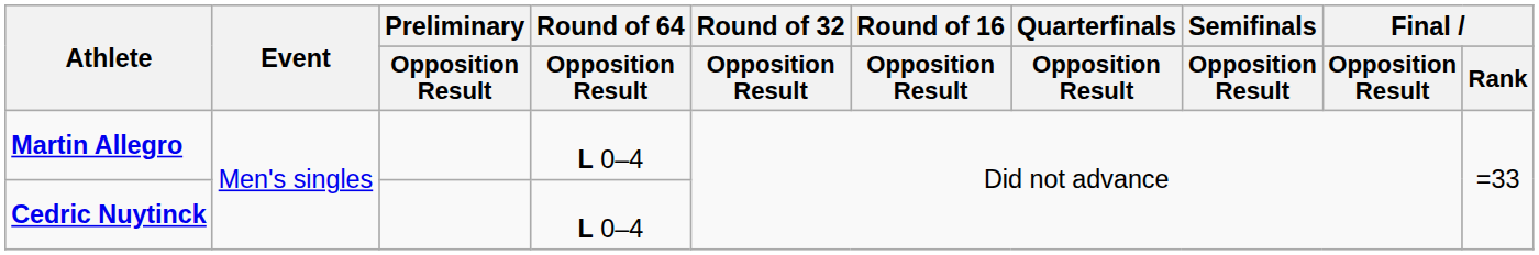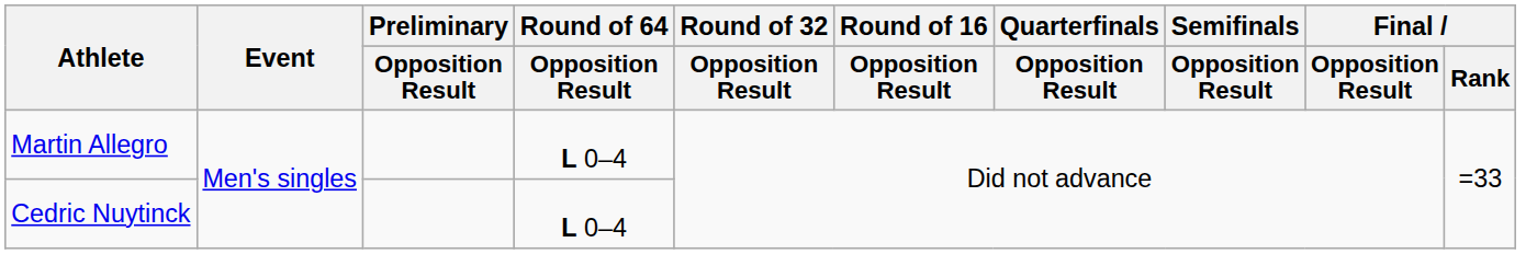 <table class=wikitable style=font-size:90%;text-align:center>
 <tr>
 <th rowspan=2>Athlete</th>
 <th rowspan=2>Event</th>
 <th>Preliminary</th>
 <th>Round of 64</th>
 <th>Round of 32</th>
 <th>Round of 16</th>
 <th>Quarterfinals</th>
 <th>Semifinals</th>
 <th colspan=2>Final / </th>
 </tr>
 <tr style=font-size:95%>
 <th>Opposition<br>Result</th>
 <th>Opposition<br>Result</th>
 <th>Opposition<br>Result</th>
 <th>Opposition<br>Result</th>
 <th>Opposition<br>Result</th>
 <th>Opposition<br>Result</th>
 <th>Opposition<br>Result</th>
 <th>Rank</th>
 </tr>
 <tr>
-<td align=left><strong><a href='#'>Martin Allegro</a></strong></td>
+<td align=left><a href='#'>Martin Allegro</a></td>
 <td align=left rowspan=2><a href='#'>Men's singles</a></td>
 <td></td>
 <td><br><strong>L</strong> 0–4</td>
 <td colspan=5 rowspan=2>Did not advance</td>
 <td rowspan=2>=33</td>
 </tr>
 <tr>
-<td align=left><strong><a href='#'>Cedric Nuytinck</a></strong></td>
+<td align=left><a href='#'>Cedric Nuytinck</a></td>
 <td></td>
 <td><br><strong>L</strong> 0–4</td>
 </tr>
 </table>
